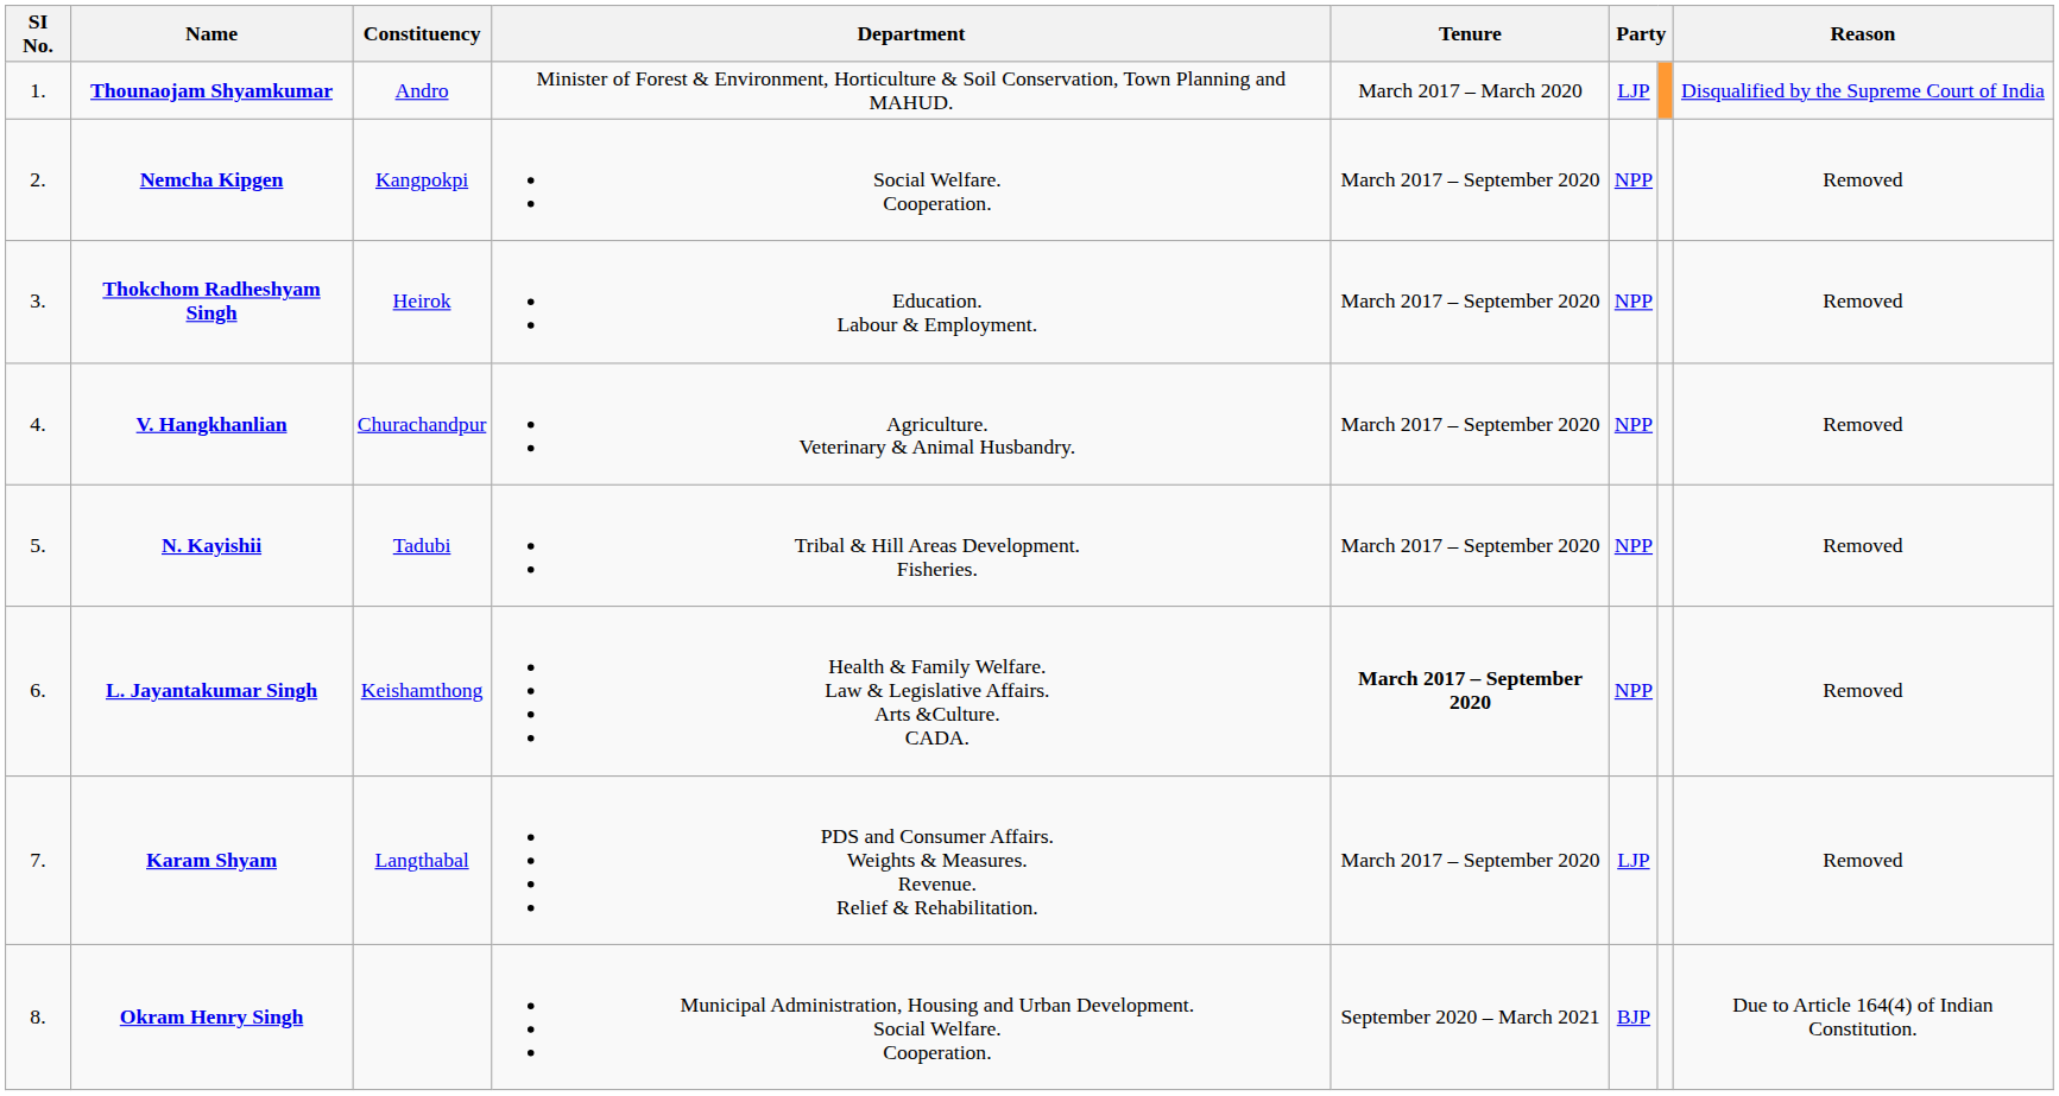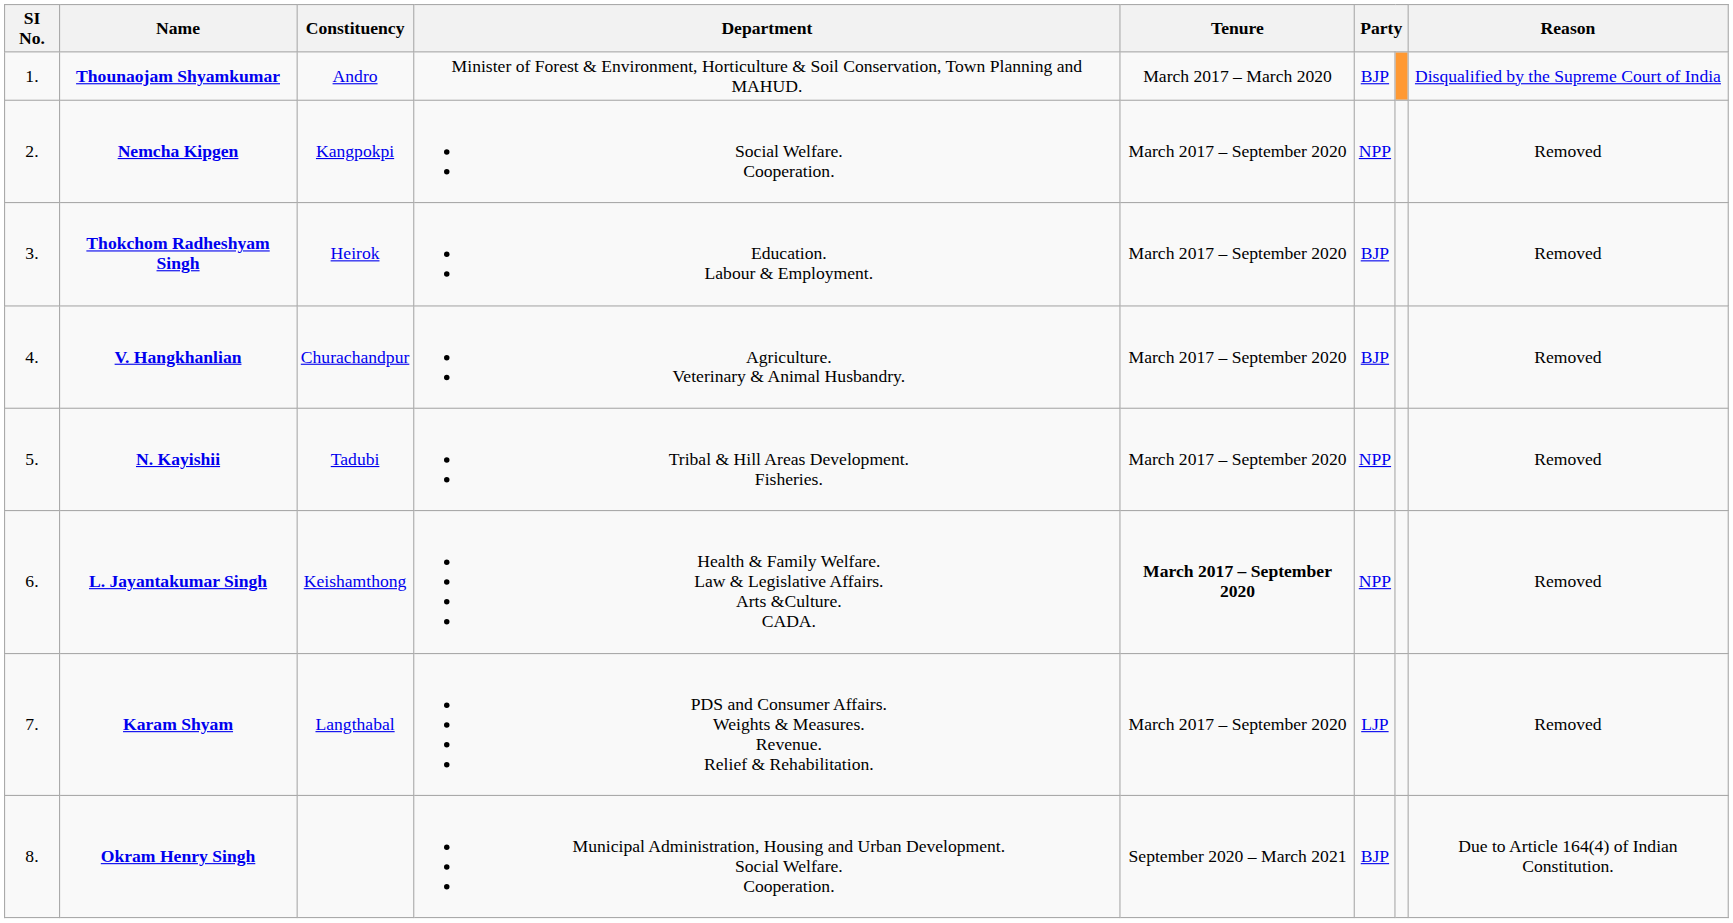 <table class="wikitable sortable" style="text-align:center;">
 <tr>
 <th>SI No.</th>
 <th>Name</th>
 <th>Constituency</th>
 <th>Department</th>
 <th>Tenure</th>
 <th colspan="2" scope="col">Party</th>
 <th>Reason</th>
 </tr>
 <tr>
 <td>1.</td>
 <td><strong><a href='#'>Thounaojam Shyamkumar</a></strong></td>
 <td><a href='#'>Andro</a></td>
 <td>Minister of Forest & Environment, Horticulture & Soil Conservation, Town Planning and MAHUD.</td>
 <td>March 2017 – March 2020</td>
-<td><a href='#'>LJP</a></td>
+<td><a href='#'>BJP</a></td>
 <td bgcolor=#FF9933></td>
 <td><a href='#'>Disqualified by the Supreme Court of India</a></td>
 </tr>
 <tr>
 <td>2.</td>
 <td><strong><a href='#'>Nemcha Kipgen</a></strong></td>
 <td><a href='#'>Kangpokpi</a></td>
 <td><br><ul><li>Social Welfare.</li><li>Cooperation.</li></ul></td>
 <td>March 2017 – September 2020</td>
 <td><a href='#'>NPP</a></td>
 <td width="4px"></td>
 <td>Removed</td>
 </tr>
 <tr>
 <td>3.</td>
 <td><strong><a href='#'>Thokchom Radheshyam Singh</a></strong></td>
 <td><a href='#'>Heirok</a></td>
 <td><br><ul><li>Education.</li><li>Labour & Employment.</li></ul></td>
 <td>March 2017 – September 2020</td>
-<td><a href='#'>NPP</a></td>
+<td><a href='#'>BJP</a></td>
 <td width="4px"></td>
 <td>Removed</td>
 </tr>
 <tr>
 <td>4.</td>
 <td><strong><a href='#'>V. Hangkhanlian</a></strong></td>
 <td><a href='#'>Churachandpur</a></td>
 <td><br><ul><li>Agriculture.</li><li>Veterinary & Animal Husbandry.</li></ul></td>
 <td>March 2017 – September 2020</td>
-<td><a href='#'>NPP</a></td>
+<td><a href='#'>BJP</a></td>
 <td width="4px"></td>
 <td>Removed</td>
 </tr>
 <tr>
 <td>5.</td>
 <td><strong><a href='#'>N. Kayishii</a></strong></td>
 <td><a href='#'>Tadubi</a></td>
 <td><br><ul><li>Tribal & Hill Areas Development.</li><li>Fisheries.</li></ul></td>
 <td>March 2017 – September 2020</td>
 <td><a href='#'>NPP</a></td>
 <td width="4px"></td>
 <td>Removed</td>
 </tr>
 <tr>
 <td>6.</td>
 <td><strong><a href='#'>L. Jayantakumar Singh</a></strong></td>
 <td><a href='#'>Keishamthong</a></td>
 <td><br><ul><li>Health & Family Welfare.</li><li>Law & Legislative Affairs.</li><li>Arts &Culture.</li><li>CADA.</li></ul></td>
 <td><strong>March 2017 – September 2020</strong></td>
 <td><a href='#'>NPP</a></td>
 <td width="4px"></td>
 <td>Removed</td>
 </tr>
 <tr>
 <td>7.</td>
 <td><strong><a href='#'>Karam Shyam</a></strong></td>
 <td><a href='#'>Langthabal</a></td>
 <td><br><ul><li>PDS and Consumer Affairs.</li><li>Weights & Measures.</li><li>Revenue.</li><li>Relief & Rehabilitation.</li></ul></td>
 <td>March 2017 – September 2020</td>
 <td><a href='#'>LJP</a></td>
 <td width="4px"></td>
 <td>Removed</td>
 </tr>
 <tr>
 <td>8.</td>
 <td><strong><a href='#'>Okram Henry Singh</a></strong></td>
 <td></td>
 <td><br><ul><li>Municipal Administration, Housing and Urban Development.</li><li>Social Welfare.</li><li>Cooperation.</li></ul></td>
 <td>September 2020 – March 2021</td>
 <td><a href='#'>BJP</a></td>
 <td width="4px"></td>
 <td>Due to Article 164(4) of Indian Constitution.</td>
 </tr>
 </table>
